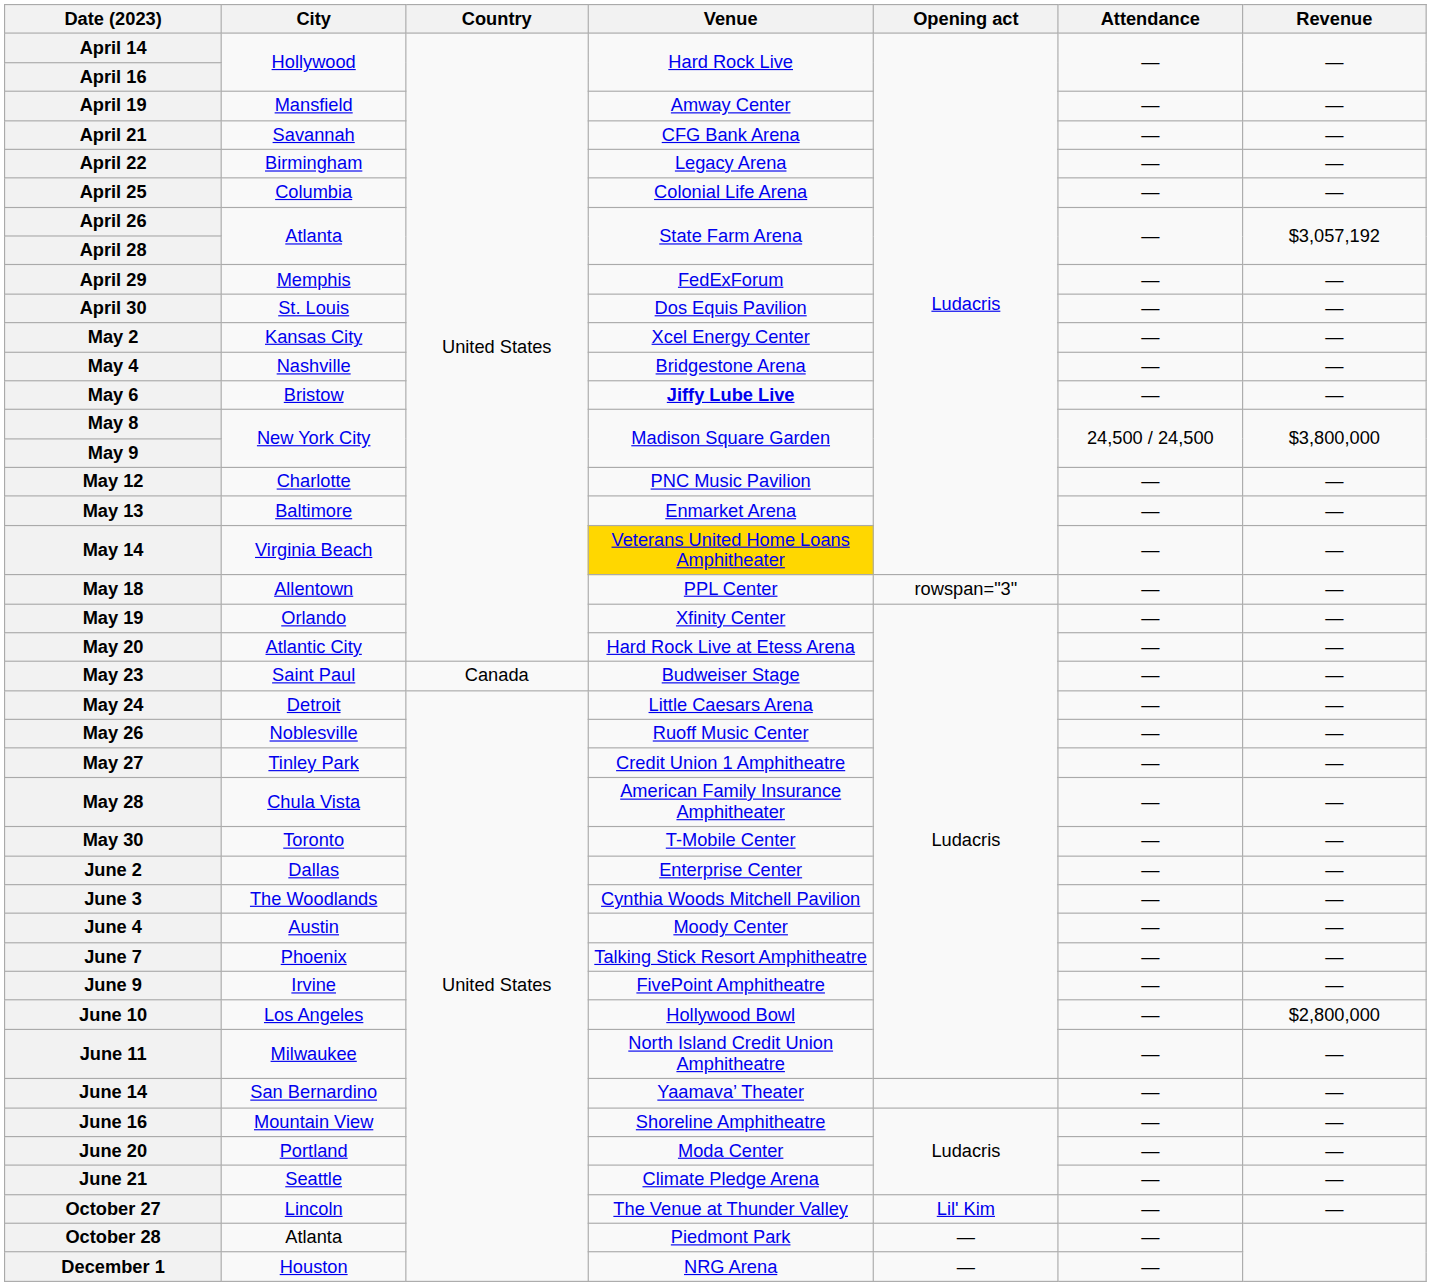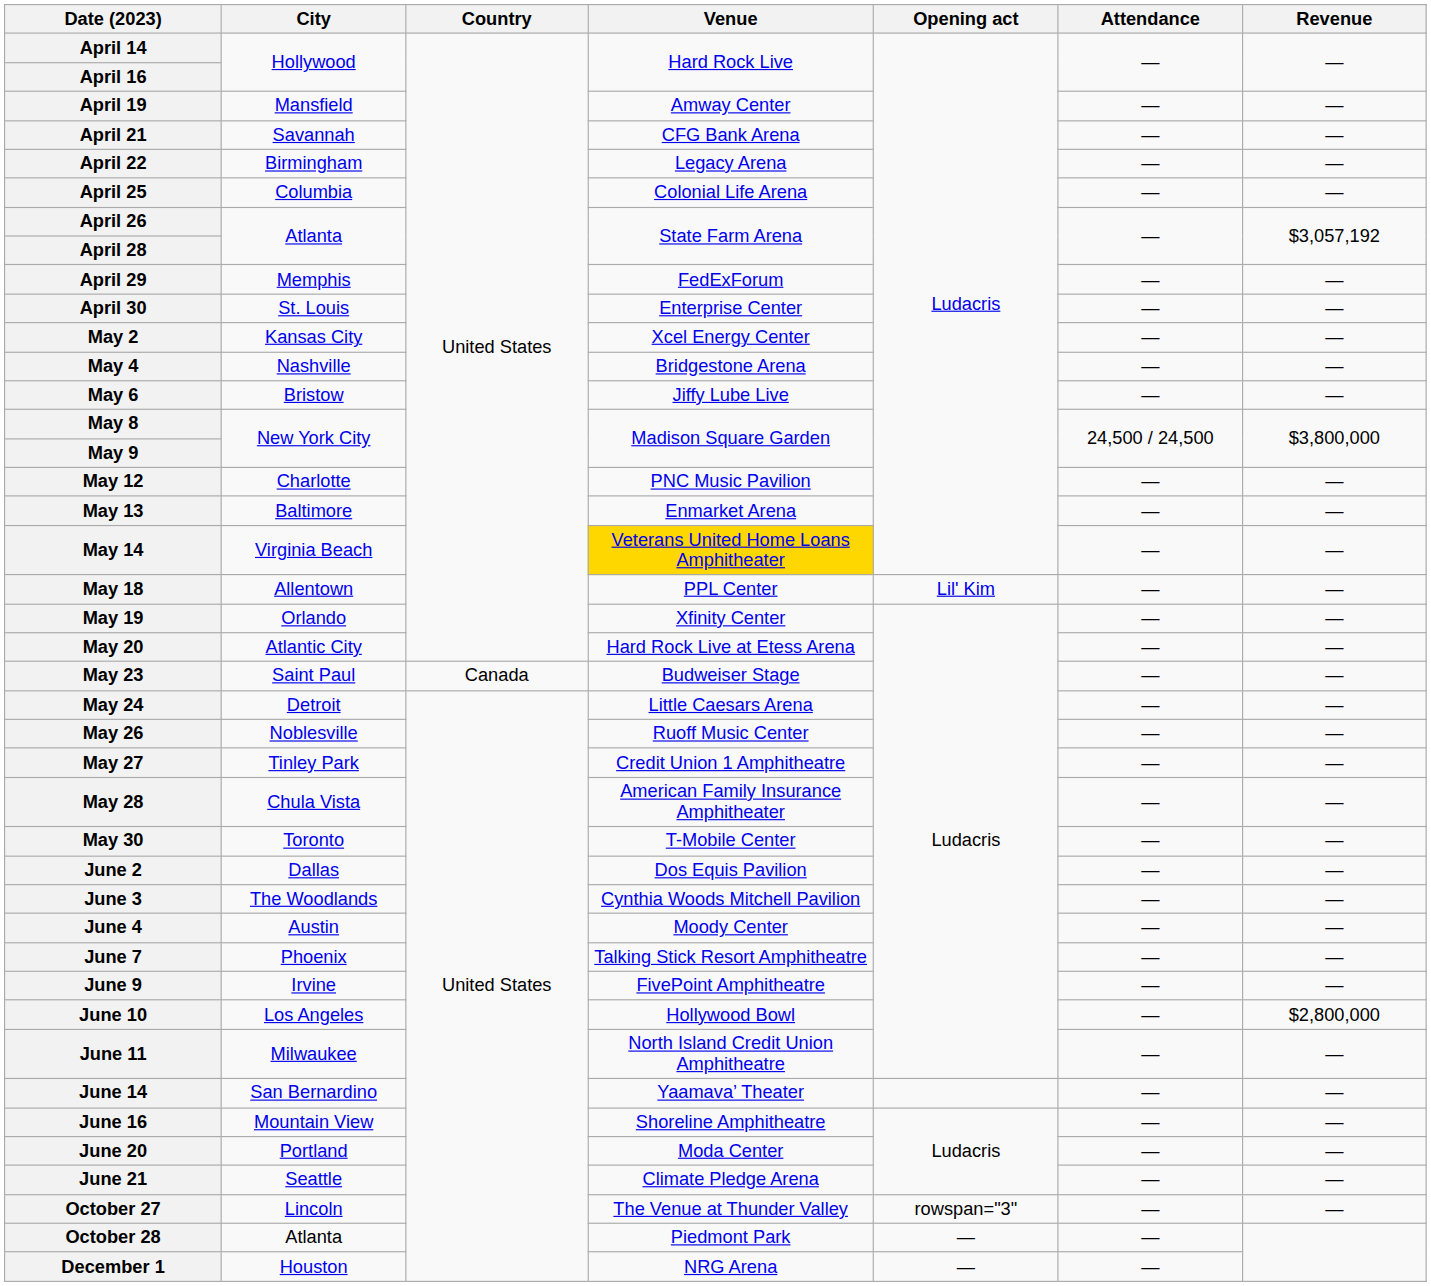 <table class="wikitable sortable plainrowheaders" style="text-align:center;">
 <tr>
 <th scope="col" style="width:12em;">Date (2023)</th>
 <th scope="col" style="width:10em;">City</th>
 <th scope="col" style="width:10em;">Country</th>
 <th scope="col" style="width:16em;">Venue</th>
 <th scope="col" style="width:10em;">Opening act</th>
 <th scope="col" style="width:10em;">Attendance</th>
 <th scope="col" style="width:10em;">Revenue</th>
 </tr>
 <tr>
 <th scope="row" style="text-align:center;">April 14</th>
 <td rowspan="2"><a href='#'>Hollywood</a></td>
 <td rowspan="21">United States</td>
 <td rowspan="2"><a href='#'>Hard Rock Live</a></td>
 <td rowspan="18"><a href='#'>Ludacris</a></td>
 <td rowspan="2">—</td>
 <td rowspan="2">—</td>
 </tr>
 <tr>
 <th scope="row" style="text-align:center;">April 16</th>
 </tr>
 <tr>
 <th scope="row" style="text-align:center;">April 19</th>
 <td><a href='#'>Mansfield</a></td>
 <td><a href='#'>Amway Center</a></td>
 <td>—</td>
 <td>—</td>
 </tr>
 <tr>
 <th scope="row" style="text-align:center;">April 21</th>
 <td><a href='#'>Savannah</a></td>
 <td><a href='#'>CFG Bank Arena</a></td>
 <td>—</td>
 <td>—</td>
 </tr>
 <tr>
 <th scope="row" style="text-align:center;">April 22</th>
 <td><a href='#'>Birmingham</a></td>
 <td><a href='#'>Legacy Arena</a></td>
 <td>—</td>
 <td>—</td>
 </tr>
 <tr>
 <th scope="row" style="text-align:center;">April 25</th>
 <td><a href='#'>Columbia</a></td>
 <td><a href='#'>Colonial Life Arena</a></td>
 <td>—</td>
 <td>—</td>
 </tr>
 <tr>
 <th scope="row" style="text-align:center;">April 26</th>
 <td rowspan="2"><a href='#'>Atlanta</a></td>
 <td rowspan="2"><a href='#'>State Farm Arena</a></td>
 <td rowspan="2">—</td>
 <td rowspan="2">$3,057,192</td>
 </tr>
 <tr>
 <th scope="row" style="text-align:center;">April 28</th>
 </tr>
 <tr>
 <th scope="row" style="text-align:center;">April 29</th>
 <td><a href='#'>Memphis</a></td>
 <td><a href='#'>FedExForum</a></td>
 <td>—</td>
 <td>—</td>
 </tr>
 <tr>
 <th scope="row" style="text-align:center;">April 30</th>
 <td><a href='#'>St. Louis</a></td>
-<td><a href='#'>Dos Equis Pavilion</a></td>
+<td><a href='#'>Enterprise Center</a></td>
 <td>—</td>
 <td>—</td>
 </tr>
 <tr>
 <th scope="row" style="text-align:center;">May 2</th>
 <td><a href='#'>Kansas City</a></td>
 <td><a href='#'>Xcel Energy Center</a></td>
 <td>—</td>
 <td>—</td>
 </tr>
 <tr>
 <th scope="row" style="text-align:center;">May 4</th>
 <td><a href='#'>Nashville</a></td>
 <td><a href='#'>Bridgestone Arena</a></td>
 <td>—</td>
 <td>—</td>
 </tr>
 <tr>
 <th scope="row" style="text-align:center;">May 6</th>
 <td><a href='#'>Bristow</a></td>
-<td><strong><a href='#'>Jiffy Lube Live</a></strong></td>
+<td><a href='#'>Jiffy Lube Live</a></td>
 <td>—</td>
 <td>—</td>
 </tr>
 <tr>
 <th scope="row" style="text-align:center;">May 8</th>
 <td rowspan="2"><a href='#'>New York City</a></td>
 <td rowspan="2"><a href='#'>Madison Square Garden</a></td>
 <td rowspan="2">24,500 / 24,500</td>
 <td rowspan="2">$3,800,000</td>
 </tr>
 <tr>
 <th scope="row" style="text-align:center;">May 9</th>
 </tr>
 <tr>
 <th scope="row" style="text-align:center;">May 12</th>
 <td><a href='#'>Charlotte</a></td>
 <td><a href='#'>PNC Music Pavilion</a></td>
 <td>—</td>
 <td>—</td>
 </tr>
 <tr>
 <th scope="row" style="text-align:center;">May 13</th>
 <td><a href='#'>Baltimore</a></td>
 <td><a href='#'>Enmarket Arena</a></td>
 <td>—</td>
 <td>—</td>
 </tr>
 <tr>
 <th scope="row" style="text-align:center;">May 14</th>
 <td><a href='#'>Virginia Beach</a></td>
 <td style="background: gold;"><a href='#'>Veterans United Home Loans Amphitheater</a></td>
 <td>—</td>
 <td>—</td>
 </tr>
 <tr>
 <th scope="row" style="text-align:center;">May 18</th>
 <td><a href='#'>Allentown</a></td>
 <td><a href='#'>PPL Center</a></td>
-<td>rowspan="3" </td>
+<td><a href='#'>Lil' Kim</a></td>
 <td>—</td>
 <td>—</td>
 </tr>
 <tr>
 <th scope="row" style="text-align:center;">May 19</th>
 <td><a href='#'>Orlando</a></td>
 <td><a href='#'>Xfinity Center</a></td>
 <td rowspan="15">Ludacris</td>
 <td>—</td>
 <td>—</td>
 </tr>
 <tr>
 <th scope="row" style="text-align:center;">May 20</th>
 <td><a href='#'>Atlantic City</a></td>
 <td><a href='#'>Hard Rock Live at Etess Arena</a></td>
 <td>—</td>
 <td>—</td>
 </tr>
 <tr>
 <th scope="row" style="text-align:center;">May 23</th>
 <td><a href='#'>Saint Paul</a></td>
 <td>Canada</td>
 <td><a href='#'>Budweiser Stage</a></td>
 <td>—</td>
 <td>—</td>
 </tr>
 <tr>
 <th scope="row" style="text-align:center;">May 24</th>
 <td><a href='#'>Detroit</a></td>
 <td rowspan="19">United States</td>
 <td><a href='#'>Little Caesars Arena</a></td>
 <td>—</td>
 <td>—</td>
 </tr>
 <tr>
 <th scope="row" style="text-align:center;">May 26</th>
 <td><a href='#'>Noblesville</a></td>
 <td><a href='#'>Ruoff Music Center</a></td>
 <td>—</td>
 <td>—</td>
 </tr>
 <tr>
 <th scope="row" style="text-align:center;">May 27</th>
 <td><a href='#'>Tinley Park</a></td>
 <td><a href='#'>Credit Union 1 Amphitheatre</a></td>
 <td>—</td>
 <td>—</td>
 </tr>
 <tr>
 <th scope="row" style="text-align:center;">May 28</th>
 <td><a href='#'>Chula Vista</a></td>
 <td><a href='#'>American Family Insurance Amphitheater</a></td>
 <td>—</td>
 <td>—</td>
 </tr>
 <tr>
 <th scope="row" style="text-align:center;">May 30</th>
 <td><a href='#'>Toronto</a></td>
 <td><a href='#'>T-Mobile Center</a></td>
 <td>—</td>
 <td>—</td>
 </tr>
 <tr>
 <th scope="row" style="text-align:center;">June 2</th>
 <td><a href='#'>Dallas</a></td>
-<td><a href='#'>Enterprise Center</a></td>
+<td><a href='#'>Dos Equis Pavilion</a></td>
 <td>—</td>
 <td>—</td>
 </tr>
 <tr>
 <th ! scope="row" style="text-align:center;">June 3</th>
 <td><a href='#'>The Woodlands</a></td>
 <td><a href='#'>Cynthia Woods Mitchell Pavilion</a></td>
 <td>—</td>
 <td>—</td>
 </tr>
 <tr>
 <th scope="row" style="text-align:center;">June 4</th>
 <td><a href='#'>Austin</a></td>
 <td><a href='#'>Moody Center</a></td>
 <td>—</td>
 <td>—</td>
 </tr>
 <tr>
 <th scope="row" style="text-align:center;">June 7</th>
 <td><a href='#'>Phoenix</a></td>
 <td><a href='#'>Talking Stick Resort Amphitheatre</a></td>
 <td>—</td>
 <td>—</td>
 </tr>
 <tr>
 <th scope="row" style="text-align:center;">June 9</th>
 <td><a href='#'>Irvine</a></td>
 <td><a href='#'>FivePoint Amphitheatre</a></td>
 <td>—</td>
 <td>—</td>
 </tr>
 <tr>
 <th scope="row" style="text-align:center;">June 10</th>
 <td><a href='#'>Los Angeles</a></td>
 <td><a href='#'>Hollywood Bowl</a></td>
 <td>—</td>
 <td>$2,800,000</td>
 </tr>
 <tr>
 <th scope="row" style="text-align:center;">June 11</th>
 <td><a href='#'>Milwaukee</a></td>
 <td><a href='#'>North Island Credit Union Amphitheatre</a></td>
 <td>—</td>
 <td>—</td>
 </tr>
 <tr>
 <th scope="row" style="text-align:center;">June 14</th>
 <td><a href='#'>San Bernardino</a></td>
 <td><a href='#'>Yaamava’ Theater</a></td>
 <td></td>
 <td>—</td>
 <td>—</td>
 </tr>
 <tr>
 <th scope="row" style="text-align:center;">June 16</th>
 <td><a href='#'>Mountain View</a></td>
 <td><a href='#'>Shoreline Amphitheatre</a></td>
 <td rowspan="3">Ludacris</td>
 <td>—</td>
 <td>—</td>
 </tr>
 <tr>
 <th scope="row" style="text-align:center;">June 20</th>
 <td><a href='#'>Portland</a></td>
 <td><a href='#'>Moda Center</a></td>
 <td>—</td>
 <td>—</td>
 </tr>
 <tr>
 <th scope="row" style="text-align:center;">June 21</th>
 <td><a href='#'>Seattle</a></td>
 <td><a href='#'>Climate Pledge Arena</a></td>
 <td>—</td>
 <td>—</td>
 </tr>
 <tr>
 <th scope="row" style="text-align:center;">October 27</th>
 <td><a href='#'>Lincoln</a></td>
 <td><a href='#'>The Venue at Thunder Valley</a></td>
-<td><a href='#'>Lil' Kim</a></td>
+<td>rowspan="3" </td>
 <td>—</td>
 <td>—</td>
 </tr>
 <tr>
 <th scope="row" style="text-align:center;">October 28</th>
 <td>Atlanta</td>
 <td><a href='#'>Piedmont Park</a></td>
 <td>—</td>
 <td>—</td>
 </tr>
 <tr>
 <th scope="row" style="text-align:center;">December 1</th>
 <td><a href='#'>Houston</a></td>
 <td><a href='#'>NRG Arena</a></td>
 <td>—</td>
 <td>—</td>
 </tr>
 </table>
